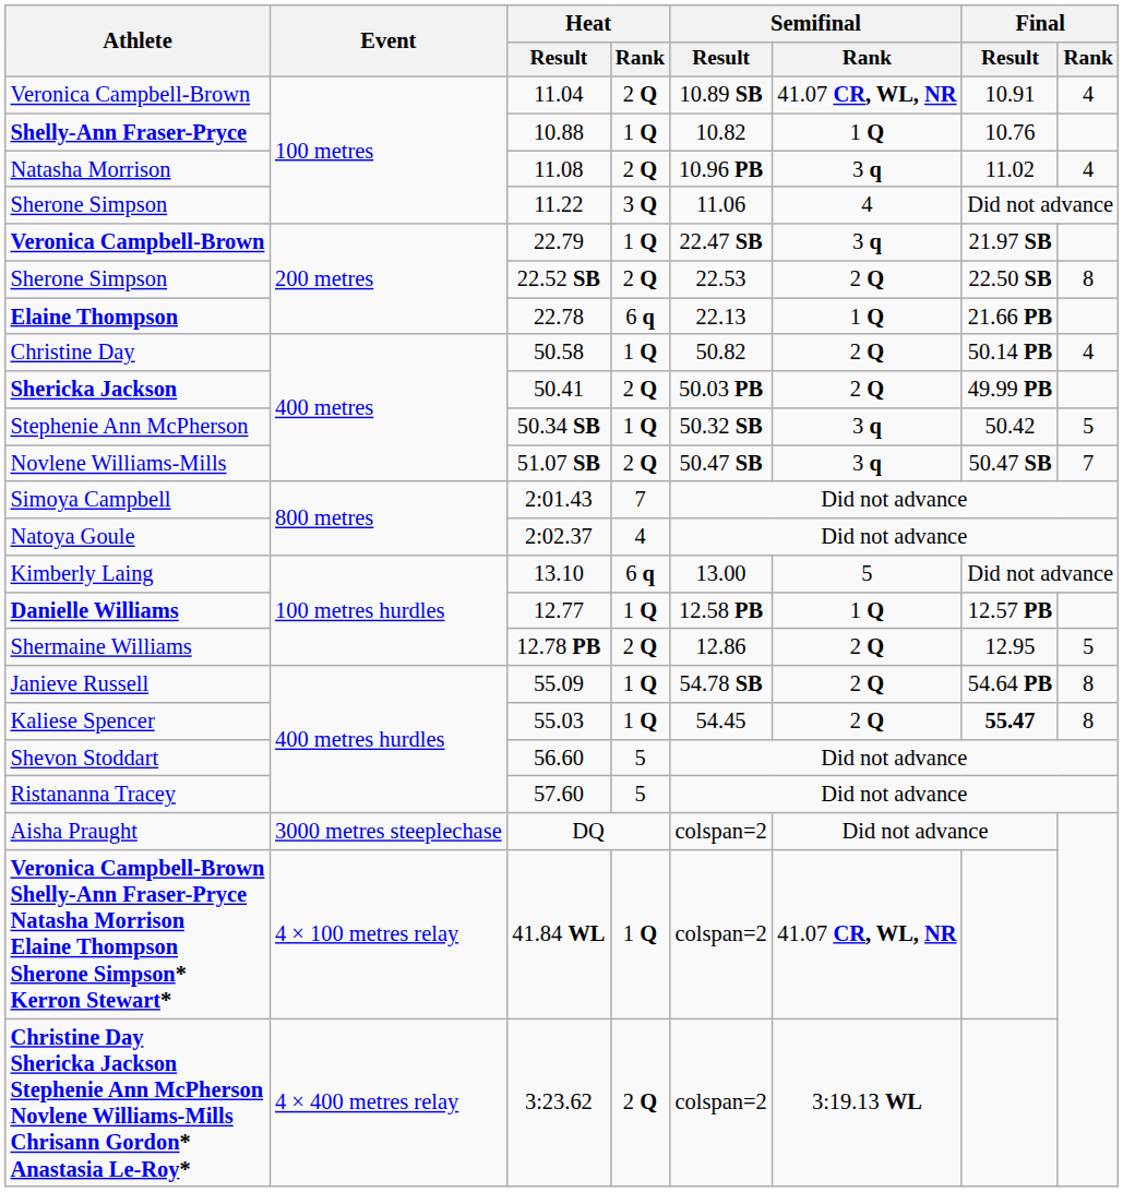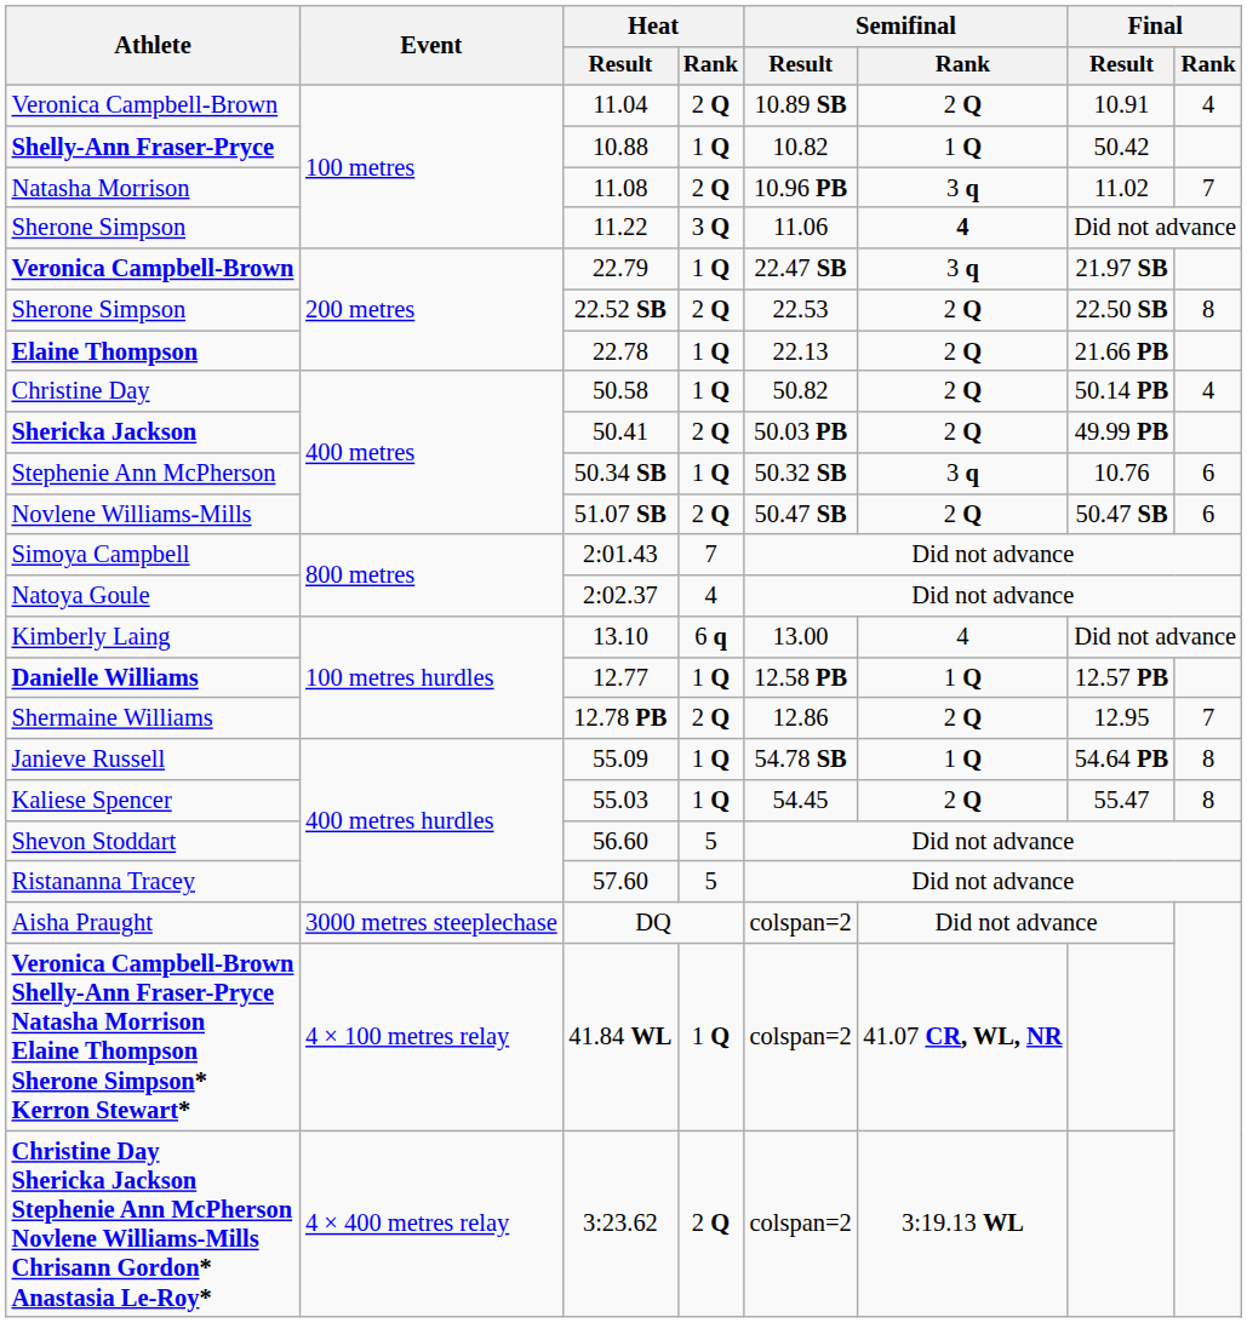 <table class="wikitable" style="font-size:90%">
 <tr>
 <th rowspan="2">Athlete</th>
 <th rowspan="2">Event</th>
 <th colspan="2">Heat</th>
 <th colspan="2">Semifinal</th>
 <th colspan="2">Final</th>
 </tr>
 <tr style="font-size:95%">
 <th>Result</th>
 <th>Rank</th>
 <th>Result</th>
 <th>Rank</th>
 <th>Result</th>
 <th>Rank</th>
 </tr>
 <tr style=text-align:center>
 <td style=text-align:left><a href='#'>Veronica Campbell-Brown</a></td>
 <td style=text-align:left rowspan=4><a href='#'>100 metres</a></td>
 <td>11.04</td>
 <td>2 <strong>Q</strong></td>
 <td>10.89 <strong>SB</strong></td>
-<td>41.07 <strong><a href='#'>CR</a>, WL, <a href='#'>NR</a></strong></td>
+<td>2 <strong>Q</strong></td>
 <td>10.91</td>
 <td>4</td>
 </tr>
 <tr style=text-align:center>
 <td style=text-align:left><strong><a href='#'>Shelly-Ann Fraser-Pryce</a></strong></td>
 <td>10.88</td>
 <td>1 <strong>Q</strong></td>
 <td>10.82</td>
 <td>1 <strong>Q</strong></td>
-<td>10.76</td>
+<td>50.42</td>
 <td></td>
 </tr>
 <tr style=text-align:center>
 <td style=text-align:left><a href='#'>Natasha Morrison</a></td>
 <td>11.08</td>
 <td>2 <strong>Q</strong></td>
 <td>10.96 <strong>PB</strong></td>
 <td>3 <strong>q</strong></td>
 <td>11.02</td>
-<td>4</td>
+<td>7</td>
 </tr>
 <tr style=text-align:center>
 <td style=text-align:left><a href='#'>Sherone Simpson</a></td>
 <td>11.22</td>
 <td>3 <strong>Q</strong></td>
 <td>11.06</td>
-<td>4</td>
+<td><strong>4</strong></td>
 <td colspan=2>Did not advance</td>
 </tr>
 <tr style=text-align:center>
 <td style=text-align:left><strong><a href='#'>Veronica Campbell-Brown</a></strong></td>
 <td style=text-align:left rowspan=3><a href='#'>200 metres</a></td>
 <td>22.79</td>
 <td>1 <strong>Q</strong></td>
 <td>22.47 <strong>SB</strong></td>
 <td>3 <strong>q</strong></td>
 <td>21.97 <strong>SB</strong></td>
 <td></td>
 </tr>
 <tr style=text-align:center>
 <td style=text-align:left><a href='#'>Sherone Simpson</a></td>
 <td>22.52 <strong>SB</strong></td>
 <td>2 <strong>Q</strong></td>
 <td>22.53</td>
 <td>2 <strong>Q</strong></td>
 <td>22.50 <strong>SB</strong></td>
 <td>8</td>
 </tr>
 <tr style=text-align:center>
 <td style=text-align:left><strong><a href='#'>Elaine Thompson</a></strong></td>
 <td>22.78</td>
-<td>6 <strong>q</strong></td>
+<td>1 <strong>Q</strong></td>
 <td>22.13</td>
-<td>1 <strong>Q</strong></td>
+<td>2 <strong>Q</strong></td>
 <td>21.66 <strong>PB</strong></td>
 <td></td>
 </tr>
 <tr style=text-align:center>
 <td style=text-align:left><a href='#'>Christine Day</a></td>
 <td style=text-align:left rowspan=4><a href='#'>400 metres</a></td>
 <td>50.58</td>
 <td>1 <strong>Q</strong></td>
 <td>50.82</td>
 <td>2 <strong>Q</strong></td>
 <td>50.14 <strong>PB</strong></td>
 <td>4</td>
 </tr>
 <tr style=text-align:center>
 <td style=text-align:left><strong><a href='#'>Shericka Jackson</a></strong></td>
 <td>50.41</td>
 <td>2 <strong>Q</strong></td>
 <td>50.03 <strong>PB</strong></td>
 <td>2 <strong>Q</strong></td>
 <td>49.99 <strong>PB</strong></td>
 <td></td>
 </tr>
 <tr style=text-align:center>
 <td style=text-align:left><a href='#'>Stephenie Ann McPherson</a></td>
 <td>50.34 <strong>SB</strong></td>
 <td>1 <strong>Q</strong></td>
 <td>50.32 <strong>SB</strong></td>
 <td>3 <strong>q</strong></td>
-<td>50.42</td>
-<td>5</td>
+<td>10.76</td>
+<td>6</td>
 </tr>
 <tr style=text-align:center>
 <td style=text-align:left><a href='#'>Novlene Williams-Mills</a></td>
 <td>51.07 <strong>SB</strong></td>
 <td>2 <strong>Q</strong></td>
 <td>50.47 <strong>SB</strong></td>
-<td>3 <strong>q</strong></td>
+<td>2 <strong>Q</strong></td>
 <td>50.47  <strong>SB</strong></td>
-<td>7</td>
+<td>6</td>
 </tr>
 <tr style=text-align:center>
 <td style=text-align:left><a href='#'>Simoya Campbell</a></td>
 <td style=text-align:left rowspan=2><a href='#'>800 metres</a></td>
 <td>2:01.43</td>
 <td>7</td>
 <td colspan=4>Did not advance</td>
 </tr>
 <tr style=text-align:center>
 <td style=text-align:left><a href='#'>Natoya Goule</a></td>
 <td>2:02.37</td>
 <td>4</td>
 <td colspan=4>Did not advance</td>
 </tr>
 <tr style=text-align:center>
 <td style=text-align:left><a href='#'>Kimberly Laing</a></td>
 <td style=text-align:left rowspan=3><a href='#'>100 metres hurdles</a></td>
 <td>13.10</td>
 <td>6 <strong>q</strong></td>
 <td>13.00</td>
-<td>5</td>
+<td>4</td>
 <td colspan=2>Did not advance</td>
 </tr>
 <tr style=text-align:center>
 <td style=text-align:left><strong><a href='#'>Danielle Williams</a></strong></td>
 <td>12.77</td>
 <td>1 <strong>Q</strong></td>
 <td>12.58 <strong>PB</strong></td>
 <td>1 <strong>Q</strong></td>
 <td>12.57 <strong>PB</strong></td>
 <td></td>
 </tr>
 <tr style=text-align:center>
 <td style=text-align:left><a href='#'>Shermaine Williams</a></td>
 <td>12.78 <strong>PB</strong></td>
 <td>2 <strong>Q</strong></td>
 <td>12.86</td>
 <td>2 <strong>Q</strong></td>
 <td>12.95</td>
-<td>5</td>
+<td>7</td>
 </tr>
 <tr style=text-align:center>
 <td style=text-align:left><a href='#'>Janieve Russell</a></td>
 <td style=text-align:left rowspan=4><a href='#'>400 metres hurdles</a></td>
 <td>55.09</td>
 <td>1 <strong>Q</strong></td>
 <td>54.78 <strong>SB</strong></td>
-<td>2 <strong>Q</strong></td>
+<td>1 <strong>Q</strong></td>
 <td>54.64 <strong>PB</strong></td>
 <td>8</td>
 </tr>
 <tr style=text-align:center>
 <td style=text-align:left><a href='#'>Kaliese Spencer</a></td>
 <td>55.03</td>
 <td>1 <strong>Q</strong></td>
 <td>54.45</td>
 <td>2 <strong>Q</strong></td>
-<td><strong>55.47</strong></td>
+<td>55.47</td>
 <td>8</td>
 </tr>
 <tr style=text-align:center>
 <td style=text-align:left><a href='#'>Shevon Stoddart</a></td>
 <td>56.60</td>
 <td>5</td>
 <td colspan=4>Did not advance</td>
 </tr>
 <tr style=text-align:center>
 <td style=text-align:left><a href='#'>Ristananna Tracey</a></td>
 <td>57.60</td>
 <td>5</td>
 <td colspan=4>Did not advance</td>
 </tr>
 <tr style=text-align:center>
 <td style=text-align:left><a href='#'>Aisha Praught</a></td>
 <td style=text-align:left><a href='#'>3000 metres steeplechase</a></td>
 <td colspan=2>DQ</td>
 <td>colspan=2 </td>
 <td colspan=2>Did not advance</td>
 </tr>
 <tr style=text-align:center>
 <td style=text-align:left><strong><a href='#'>Veronica Campbell-Brown</a><br><a href='#'>Shelly-Ann Fraser-Pryce</a><br><a href='#'>Natasha Morrison</a><br><a href='#'>Elaine Thompson</a><br><a href='#'>Sherone Simpson</a>*<br><a href='#'>Kerron Stewart</a>*</strong></td>
 <td style=text-align:left><a href='#'>4 × 100 metres relay</a></td>
 <td>41.84 <strong>WL</strong></td>
 <td>1 <strong>Q</strong></td>
 <td>colspan=2 </td>
 <td>41.07 <strong><a href='#'>CR</a>, WL, <a href='#'>NR</a></strong></td>
 <td></td>
 </tr>
 <tr style=text-align:center>
 <td style=text-align:left><strong><a href='#'>Christine Day</a><br><a href='#'>Shericka Jackson</a><br><a href='#'>Stephenie Ann McPherson</a><br><a href='#'>Novlene Williams-Mills</a><br><a href='#'>Chrisann Gordon</a>*<br><a href='#'>Anastasia Le-Roy</a>*</strong></td>
 <td style=text-align:left><a href='#'>4 × 400 metres relay</a></td>
 <td>3:23.62</td>
 <td>2 <strong>Q</strong></td>
 <td>colspan=2 </td>
 <td>3:19.13 <strong>WL</strong></td>
 <td></td>
 </tr>
 </table>
